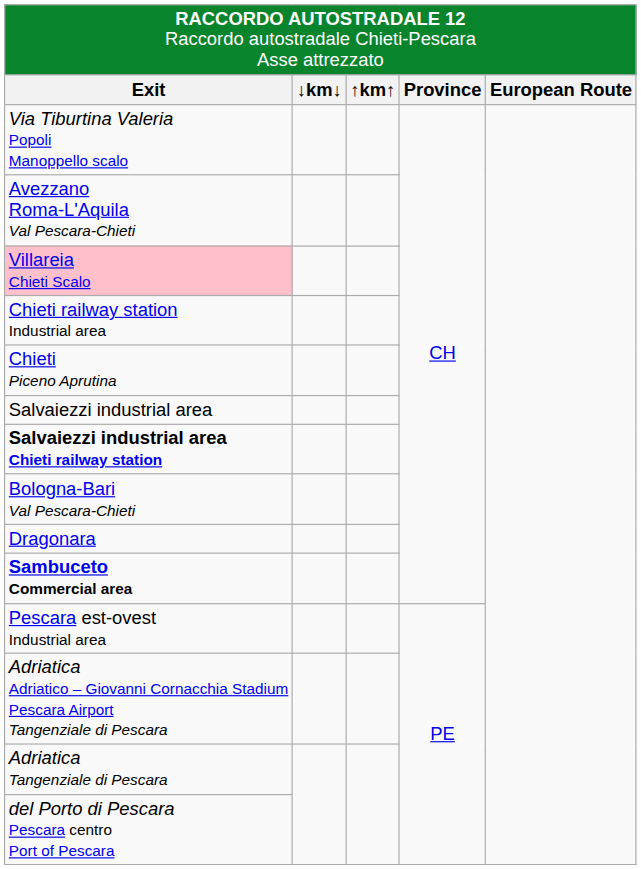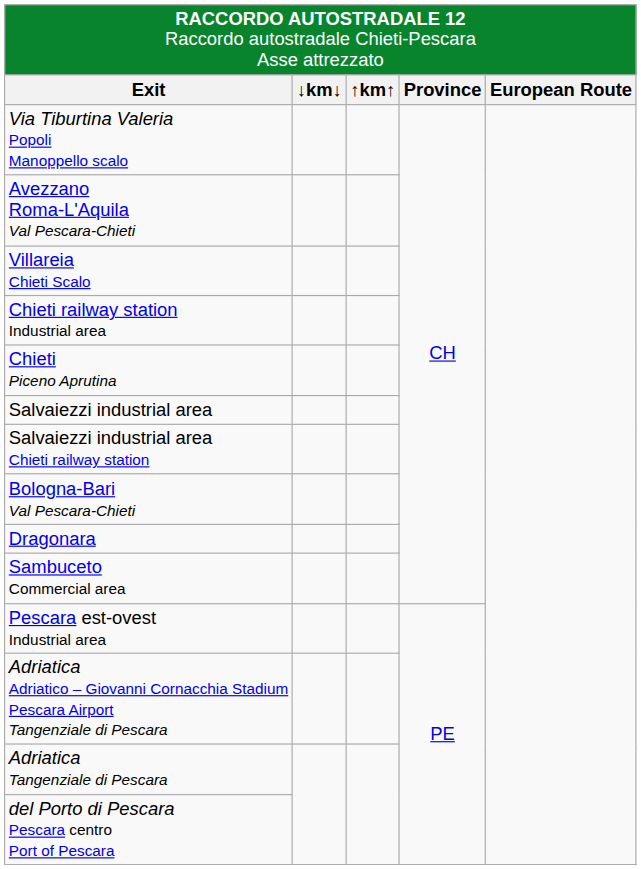 <table class="wikitable" border="1">
 <tr align="center" bgcolor="08842C" style="color: white;font-size:100%;">
 <td colspan="6"><strong> RACCORDO AUTOSTRADALE 12</strong><br>Raccordo autostradale Chieti-Pescara<br>Asse attrezzato</td>
 </tr>
 <tr>
 <th style="text-align:center;"><strong>Exit</strong></th>
 <th style="text-align:center;"><strong>↓km↓</strong></th>
 <th style="text-align:center;"><strong>↑km↑</strong></th>
 <th align="center"><strong>Province</strong></th>
 <th align="center"><strong>European Route</strong></th>
 </tr>
 <tr>
 <td>  <em>Via Tiburtina Valeria</em> <br><small><a href='#'>Popoli</a><br><a href='#'>Manoppello scalo</a></small></td>
 <td align="right"></td>
 <td align="right"></td>
 <td rowspan="10" align="center"><a href='#'>CH</a></td>
 <td rowspan="14" align="center"></td>
 </tr>
 <tr>
 <td>  <a href='#'>Avezzano</a><br> <a href='#'>Roma-L'Aquila</a><br><small> <em>Val Pescara-Chieti</em></small></td>
 <td align="right"></td>
 <td align="right"></td>
 </tr>
 <tr>
-<td style="background: pink;"> <a href='#'>Villareia</a><br><small><a href='#'>Chieti Scalo</a></small></td>
+<td> <a href='#'>Villareia</a><br><small><a href='#'>Chieti Scalo</a></small></td>
 <td align="right"></td>
 <td align="right"></td>
 </tr>
 <tr>
 <td>  <a href='#'>Chieti railway station</a><br><small> Industrial area</small></td>
 <td align="right"></td>
 <td align="right"></td>
 </tr>
 <tr>
 <td> <a href='#'>Chieti</a><br><small> <em>Piceno Aprutina</em></small></td>
 <td align="right"></td>
 <td align="right"></td>
 </tr>
 <tr>
 <td>  Salvaiezzi industrial area</td>
 <td align="right"></td>
 <td align="right"></td>
 </tr>
 <tr>
-<td><strong>  Salvaiezzi industrial area<br><small> <a href='#'>Chieti railway station</a></small></strong></td>
+<td>  Salvaiezzi industrial area<br><small> <a href='#'>Chieti railway station</a></small></td>
 <td align="right"></td>
 <td align="right"></td>
 </tr>
 <tr>
 <td>  <a href='#'>Bologna-Bari</a><br><small> <em>Val Pescara-Chieti</em></small></td>
 <td align="right"></td>
 <td align="right"></td>
 </tr>
 <tr>
 <td> <a href='#'>Dragonara</a></td>
 <td align="right"></td>
 <td align="right"></td>
 </tr>
 <tr>
-<td><strong> <a href='#'>Sambuceto</a><br><small> Commercial area</small></strong></td>
+<td> <a href='#'>Sambuceto</a><br><small> Commercial area</small></td>
 <td align="right"></td>
 <td align="right"></td>
 </tr>
 <tr>
 <td> <a href='#'>Pescara</a> est-ovest<br><small> Industrial area</small></td>
 <td align="right"></td>
 <td align="right"></td>
 <td rowspan="4" align="center"><a href='#'>PE</a></td>
 </tr>
 <tr>
 <td>  <em>Adriatica</em><br><small> <a href='#'>Adriatico – Giovanni Cornacchia Stadium</a><br> <a href='#'>Pescara Airport</a><br> <em>Tangenziale di Pescara</em></small></td>
 <td align="right"></td>
 <td align="right"></td>
 </tr>
 <tr>
 <td>  <em>Adriatica</em><br><small> <em>Tangenziale di Pescara</em></small></td>
 <td rowspan="2" align="right"></td>
 <td rowspan="2" align="right"></td>
 </tr>
 <tr>
 <td>  <em>del Porto di Pescara</em><br><small> <a href='#'>Pescara</a> centro<br> <a href='#'>Port of Pescara</a></small></td>
 </tr>
 <tr>
 </tr>
 </table>
